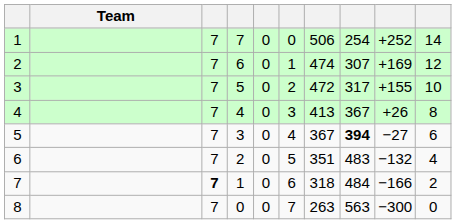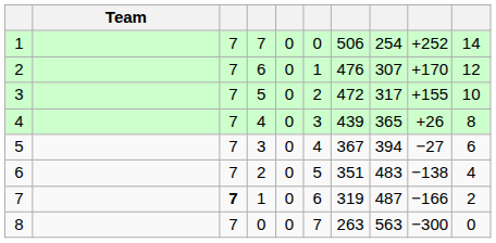 <table class=wikitable style=text-align:center>
 <tr>
 <th width=20 abbr=Position></th>
 <th width=175>Team</th>
 <th width=20 abbr=Played></th>
 <th width=20 abbr=Won></th>
 <th width=20 abbr=Drawn></th>
 <th width=20 abbr=Lost></th>
 <th width=30 abbr=Goal for></th>
 <th width=30 abbr=Goal against></th>
 <th width=30 abbr=Goal difference></th>
 <th width=30 abbr=Points></th>
 </tr>
 <tr style="background:#ccffcc;">
 <td>1</td>
 <td align=left></td>
 <td>7</td>
 <td>7</td>
 <td>0</td>
 <td>0</td>
 <td>506</td>
 <td>254</td>
 <td>+252</td>
 <td>14</td>
 </tr>
 <tr style="background:#ccffcc;">
 <td>2</td>
 <td align=left></td>
 <td>7</td>
 <td>6</td>
 <td>0</td>
 <td>1</td>
-<td>474</td>
+<td>476</td>
 <td>307</td>
-<td>+169</td>
+<td>+170</td>
 <td>12</td>
 </tr>
 <tr style="background:#ccffcc;">
 <td>3</td>
 <td align=left></td>
 <td>7</td>
 <td>5</td>
 <td>0</td>
 <td>2</td>
 <td>472</td>
 <td>317</td>
 <td>+155</td>
 <td>10</td>
 </tr>
 <tr style="background:#ccffcc;">
 <td>4</td>
 <td align=left></td>
 <td>7</td>
 <td>4</td>
 <td>0</td>
 <td>3</td>
-<td>413</td>
-<td>367</td>
+<td>439</td>
+<td>365</td>
 <td>+26</td>
 <td>8</td>
 </tr>
 <tr>
 <td>5</td>
 <td align=left></td>
 <td>7</td>
 <td>3</td>
 <td>0</td>
 <td>4</td>
 <td>367</td>
-<td><strong>394</strong></td>
+<td>394</td>
 <td>−27</td>
 <td>6</td>
 </tr>
 <tr>
 <td>6</td>
 <td align=left></td>
 <td>7</td>
 <td>2</td>
 <td>0</td>
 <td>5</td>
 <td>351</td>
 <td>483</td>
-<td>−132</td>
+<td>−138</td>
 <td>4</td>
 </tr>
 <tr>
 <td>7</td>
 <td align=left></td>
 <td><strong>7</strong></td>
 <td>1</td>
 <td>0</td>
 <td>6</td>
-<td>318</td>
-<td>484</td>
+<td>319</td>
+<td>487</td>
 <td>−166</td>
 <td>2</td>
 </tr>
 <tr>
 <td>8</td>
 <td align=left></td>
 <td>7</td>
 <td>0</td>
 <td>0</td>
 <td>7</td>
 <td>263</td>
 <td>563</td>
 <td>−300</td>
 <td>0</td>
 </tr>
 </table>
